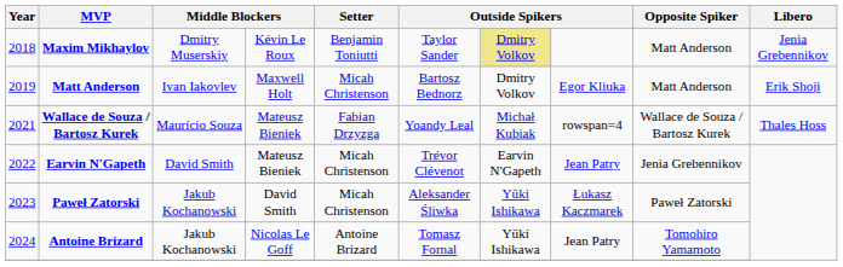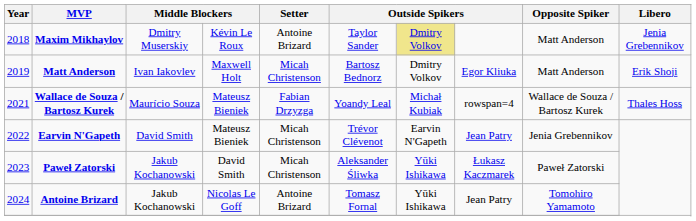 <table class=wikitable style="text-align:center; font-size:88%; ">
 <tr>
 <th>Year</th>
 <th><a href='#'>MVP</a></th>
 <th colspan=2>Middle Blockers</th>
 <th>Setter</th>
 <th colspan=3>Outside Spikers</th>
 <th>Opposite Spiker</th>
 <th>Libero</th>
 </tr>
 <tr>
 <td align=center> <a href='#'>2018</a></td>
 <td> <strong><a href='#'>Maxim Mikhaylov</a></strong></td>
 <td> <a href='#'>Dmitry Muserskiy</a></td>
 <td> <a href='#'>Kévin Le Roux</a></td>
-<td> <a href='#'>Benjamin Toniutti</a></td>
+<td> Antoine Brizard</td>
 <td> <a href='#'>Taylor Sander</a></td>
 <td style="background: khaki;"> <a href='#'>Dmitry Volkov</a></td>
 <td></td>
 <td> Matt Anderson</td>
 <td> <a href='#'>Jenia Grebennikov</a></td>
 </tr>
 <tr>
 <td align=center> <a href='#'>2019</a></td>
 <td> <strong><a href='#'>Matt Anderson</a></strong></td>
 <td> <a href='#'>Ivan Iakovlev</a></td>
 <td> <a href='#'>Maxwell Holt</a></td>
 <td> <a href='#'>Micah Christenson</a></td>
 <td> <a href='#'>Bartosz Bednorz</a></td>
 <td> Dmitry Volkov </td>
 <td> <a href='#'>Egor Kliuka</a></td>
 <td> Matt Anderson </td>
 <td> <a href='#'>Erik Shoji</a></td>
 </tr>
 <tr>
 <td align=center> <a href='#'>2021</a></td>
 <td> <strong><a href='#'>Wallace de Souza</a> /  <a href='#'>Bartosz Kurek</a></strong></td>
 <td> <a href='#'>Maurício Souza</a></td>
 <td> <a href='#'>Mateusz Bieniek</a></td>
 <td> <a href='#'>Fabian Drzyzga</a></td>
 <td> <a href='#'>Yoandy Leal</a></td>
 <td> <a href='#'>Michał Kubiak</a></td>
 <td>rowspan=4 </td>
 <td> Wallace de Souza /  Bartosz Kurek</td>
 <td> <a href='#'>Thales Hoss</a></td>
 </tr>
 <tr>
 <td align=center> <a href='#'>2022</a></td>
 <td> <strong><a href='#'>Earvin N'Gapeth</a></strong></td>
 <td> <a href='#'>David Smith</a></td>
 <td> Mateusz Bieniek </td>
 <td> Micah Christenson </td>
 <td> <a href='#'>Trévor Clévenot</a></td>
 <td> Earvin N'Gapeth</td>
 <td> <a href='#'>Jean Patry</a></td>
 <td> Jenia Grebennikov </td>
 </tr>
 <tr>
 <td align=center> <a href='#'>2023</a></td>
 <td> <strong><a href='#'>Paweł Zatorski</a></strong></td>
 <td> <a href='#'>Jakub Kochanowski</a></td>
 <td> David Smith </td>
 <td> Micah Christenson </td>
 <td> <a href='#'>Aleksander Śliwka</a></td>
 <td> <a href='#'>Yūki Ishikawa</a></td>
 <td> <a href='#'>Łukasz Kaczmarek</a></td>
 <td> Paweł Zatorski</td>
 </tr>
 <tr>
 <td align=center> <a href='#'>2024</a></td>
 <td> <strong><a href='#'>Antoine Brizard</a></strong></td>
 <td> Jakub Kochanowski </td>
 <td> <a href='#'>Nicolas Le Goff</a></td>
 <td> Antoine Brizard</td>
 <td> <a href='#'>Tomasz Fornal</a></td>
 <td> Yūki Ishikawa </td>
 <td> Jean Patry </td>
 <td> <a href='#'>Tomohiro Yamamoto</a></td>
 </tr>
 <tr>
 </tr>
 </table>
